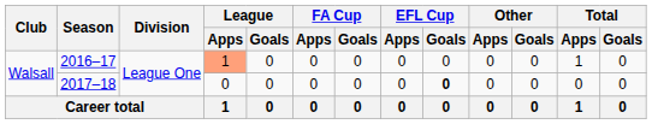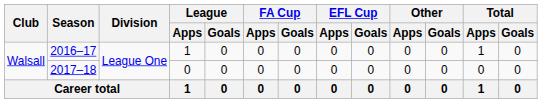 <table class="wikitable" style="text-align:center">
 <tr>
 <th rowspan="2">Club</th>
 <th rowspan="2">Season</th>
 <th rowspan="2">Division</th>
 <th colspan="2">League</th>
 <th colspan="2"><a href='#'>FA Cup</a></th>
 <th colspan="2"><a href='#'>EFL Cup</a></th>
 <th colspan="2">Other</th>
 <th colspan="2">Total</th>
 </tr>
 <tr>
 <th>Apps</th>
 <th>Goals</th>
 <th>Apps</th>
 <th>Goals</th>
 <th>Apps</th>
 <th>Goals</th>
 <th>Apps</th>
 <th>Goals</th>
 <th>Apps</th>
 <th>Goals</th>
 </tr>
 <tr>
 <td rowspan="2"><a href='#'>Walsall</a></td>
 <td><a href='#'>2016–17</a></td>
 <td rowspan="2"><a href='#'>League One</a></td>
-<td style="background: lightsalmon;">1</td>
+<td>1</td>
 <td>0</td>
 <td>0</td>
 <td>0</td>
 <td>0</td>
 <td>0</td>
 <td>0</td>
 <td>0</td>
 <td>1</td>
 <td>0</td>
 </tr>
 <tr>
 <td><a href='#'>2017–18</a></td>
 <td>0</td>
 <td>0</td>
 <td>0</td>
 <td>0</td>
 <td>0</td>
-<td><strong>0</strong></td>
+<td>0</td>
 <td>0</td>
 <td>0</td>
 <td>0</td>
 <td>0</td>
 </tr>
 <tr>
 <th colspan="3">Career total</th>
 <th>1</th>
 <th>0</th>
 <th>0</th>
 <th>0</th>
 <th>0</th>
 <th>0</th>
 <th>0</th>
 <th>0</th>
 <th>1</th>
 <th>0</th>
 </tr>
 </table>
